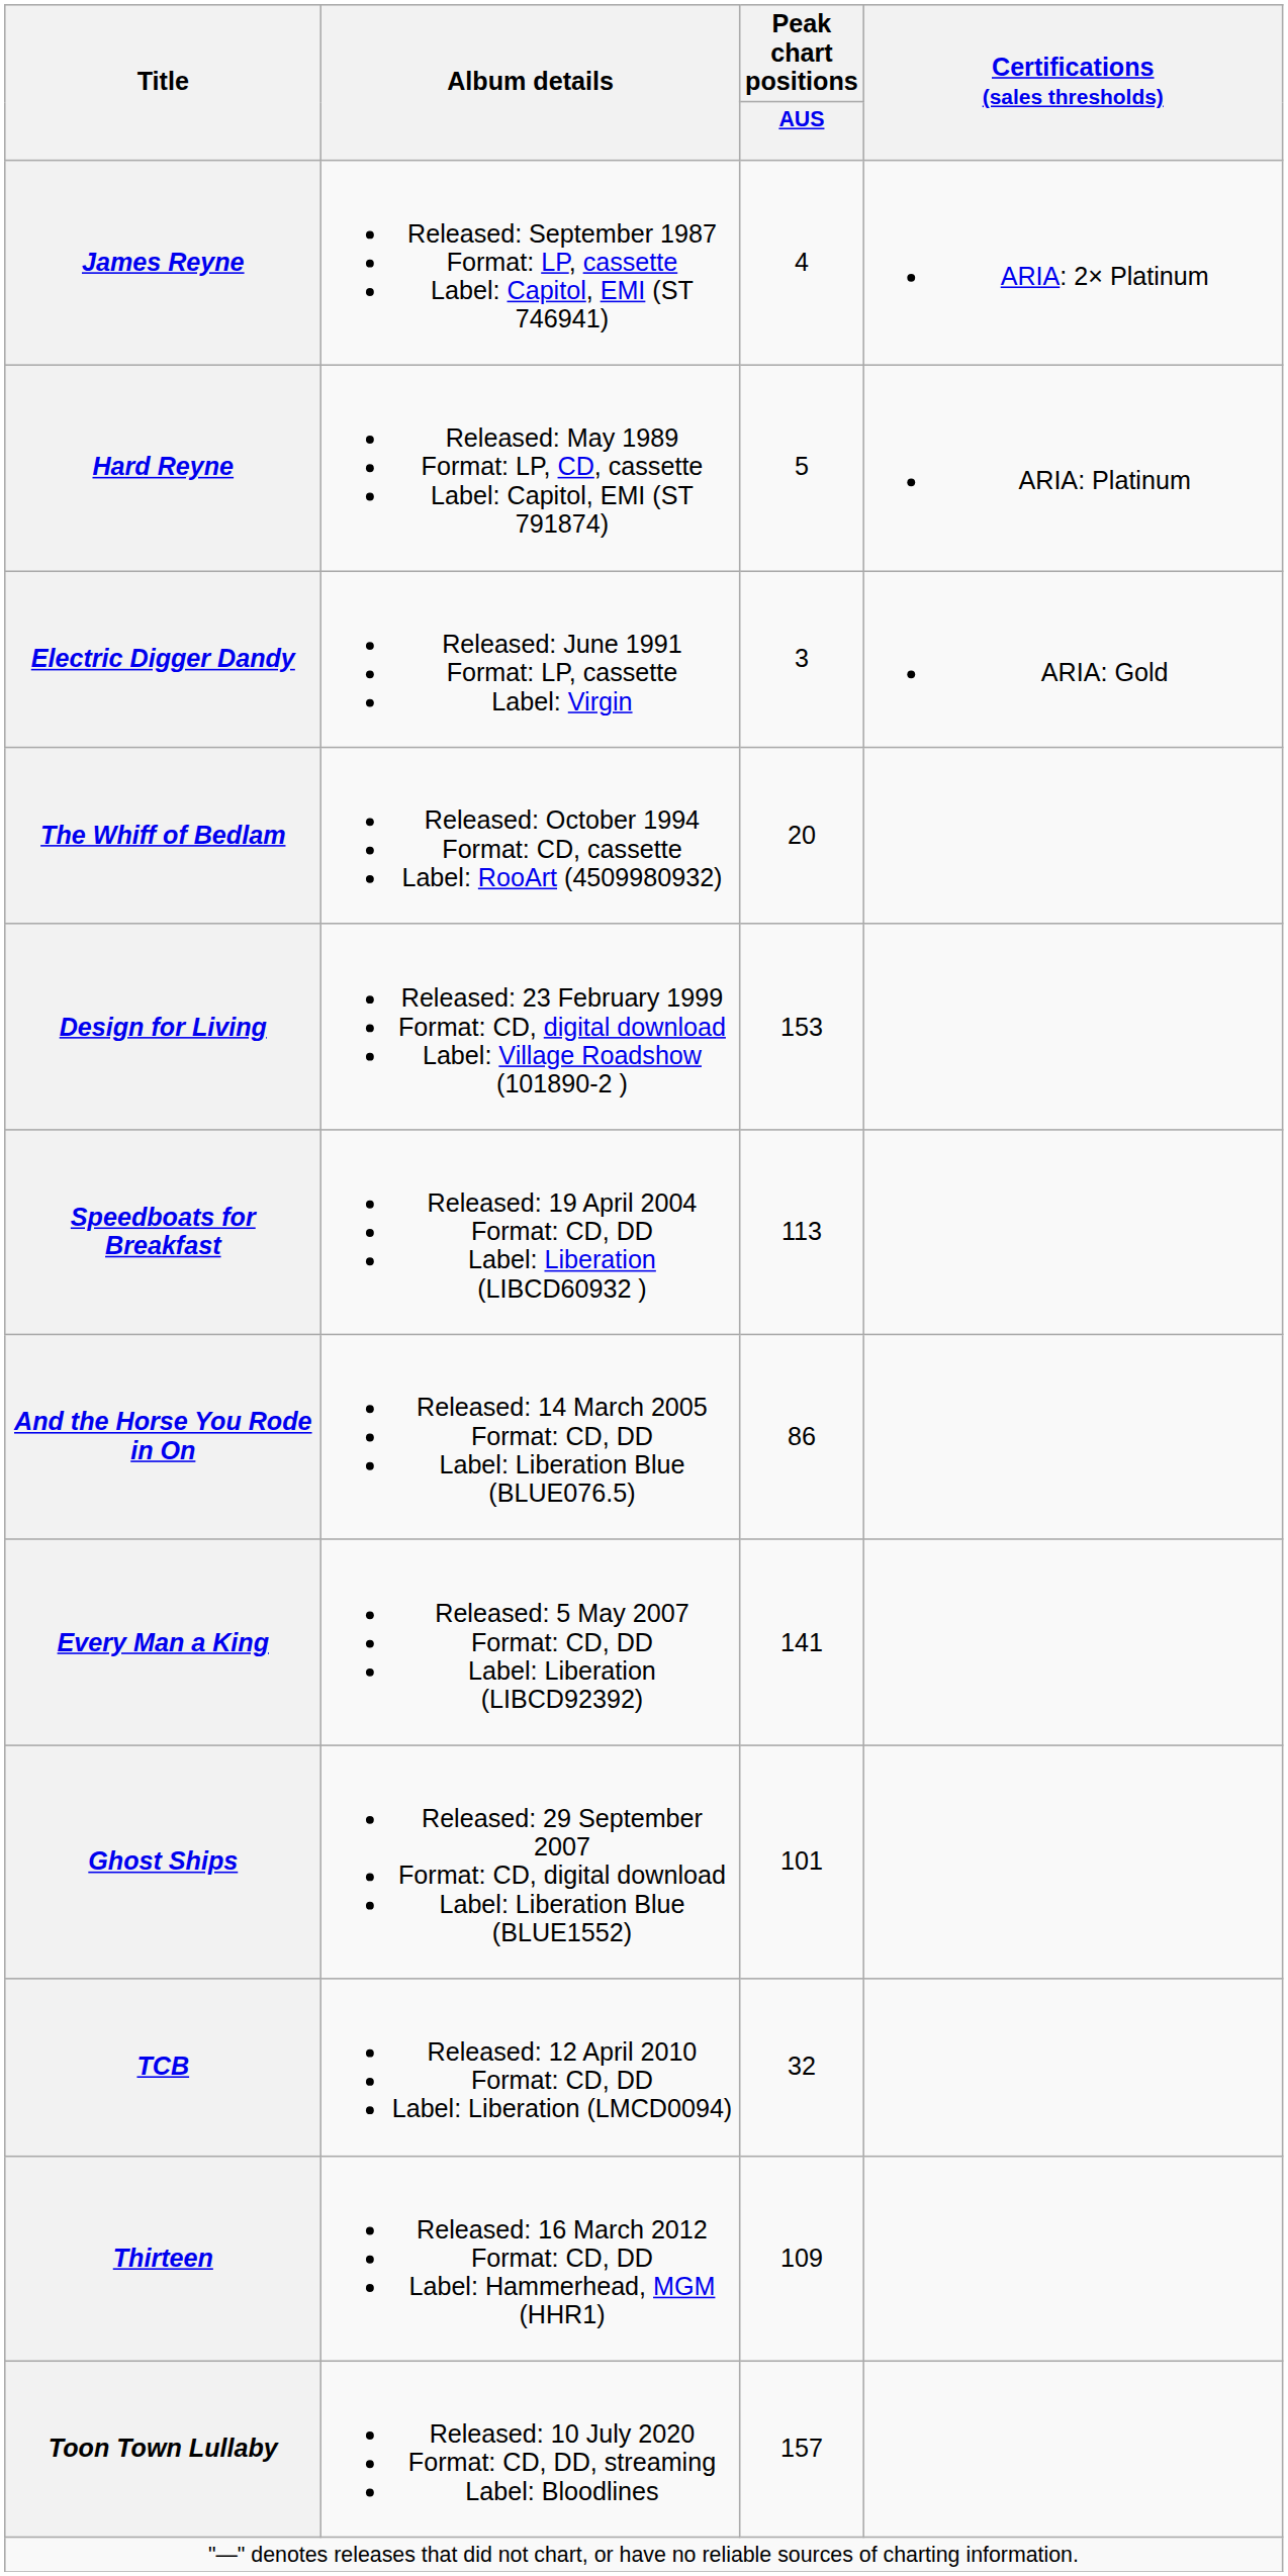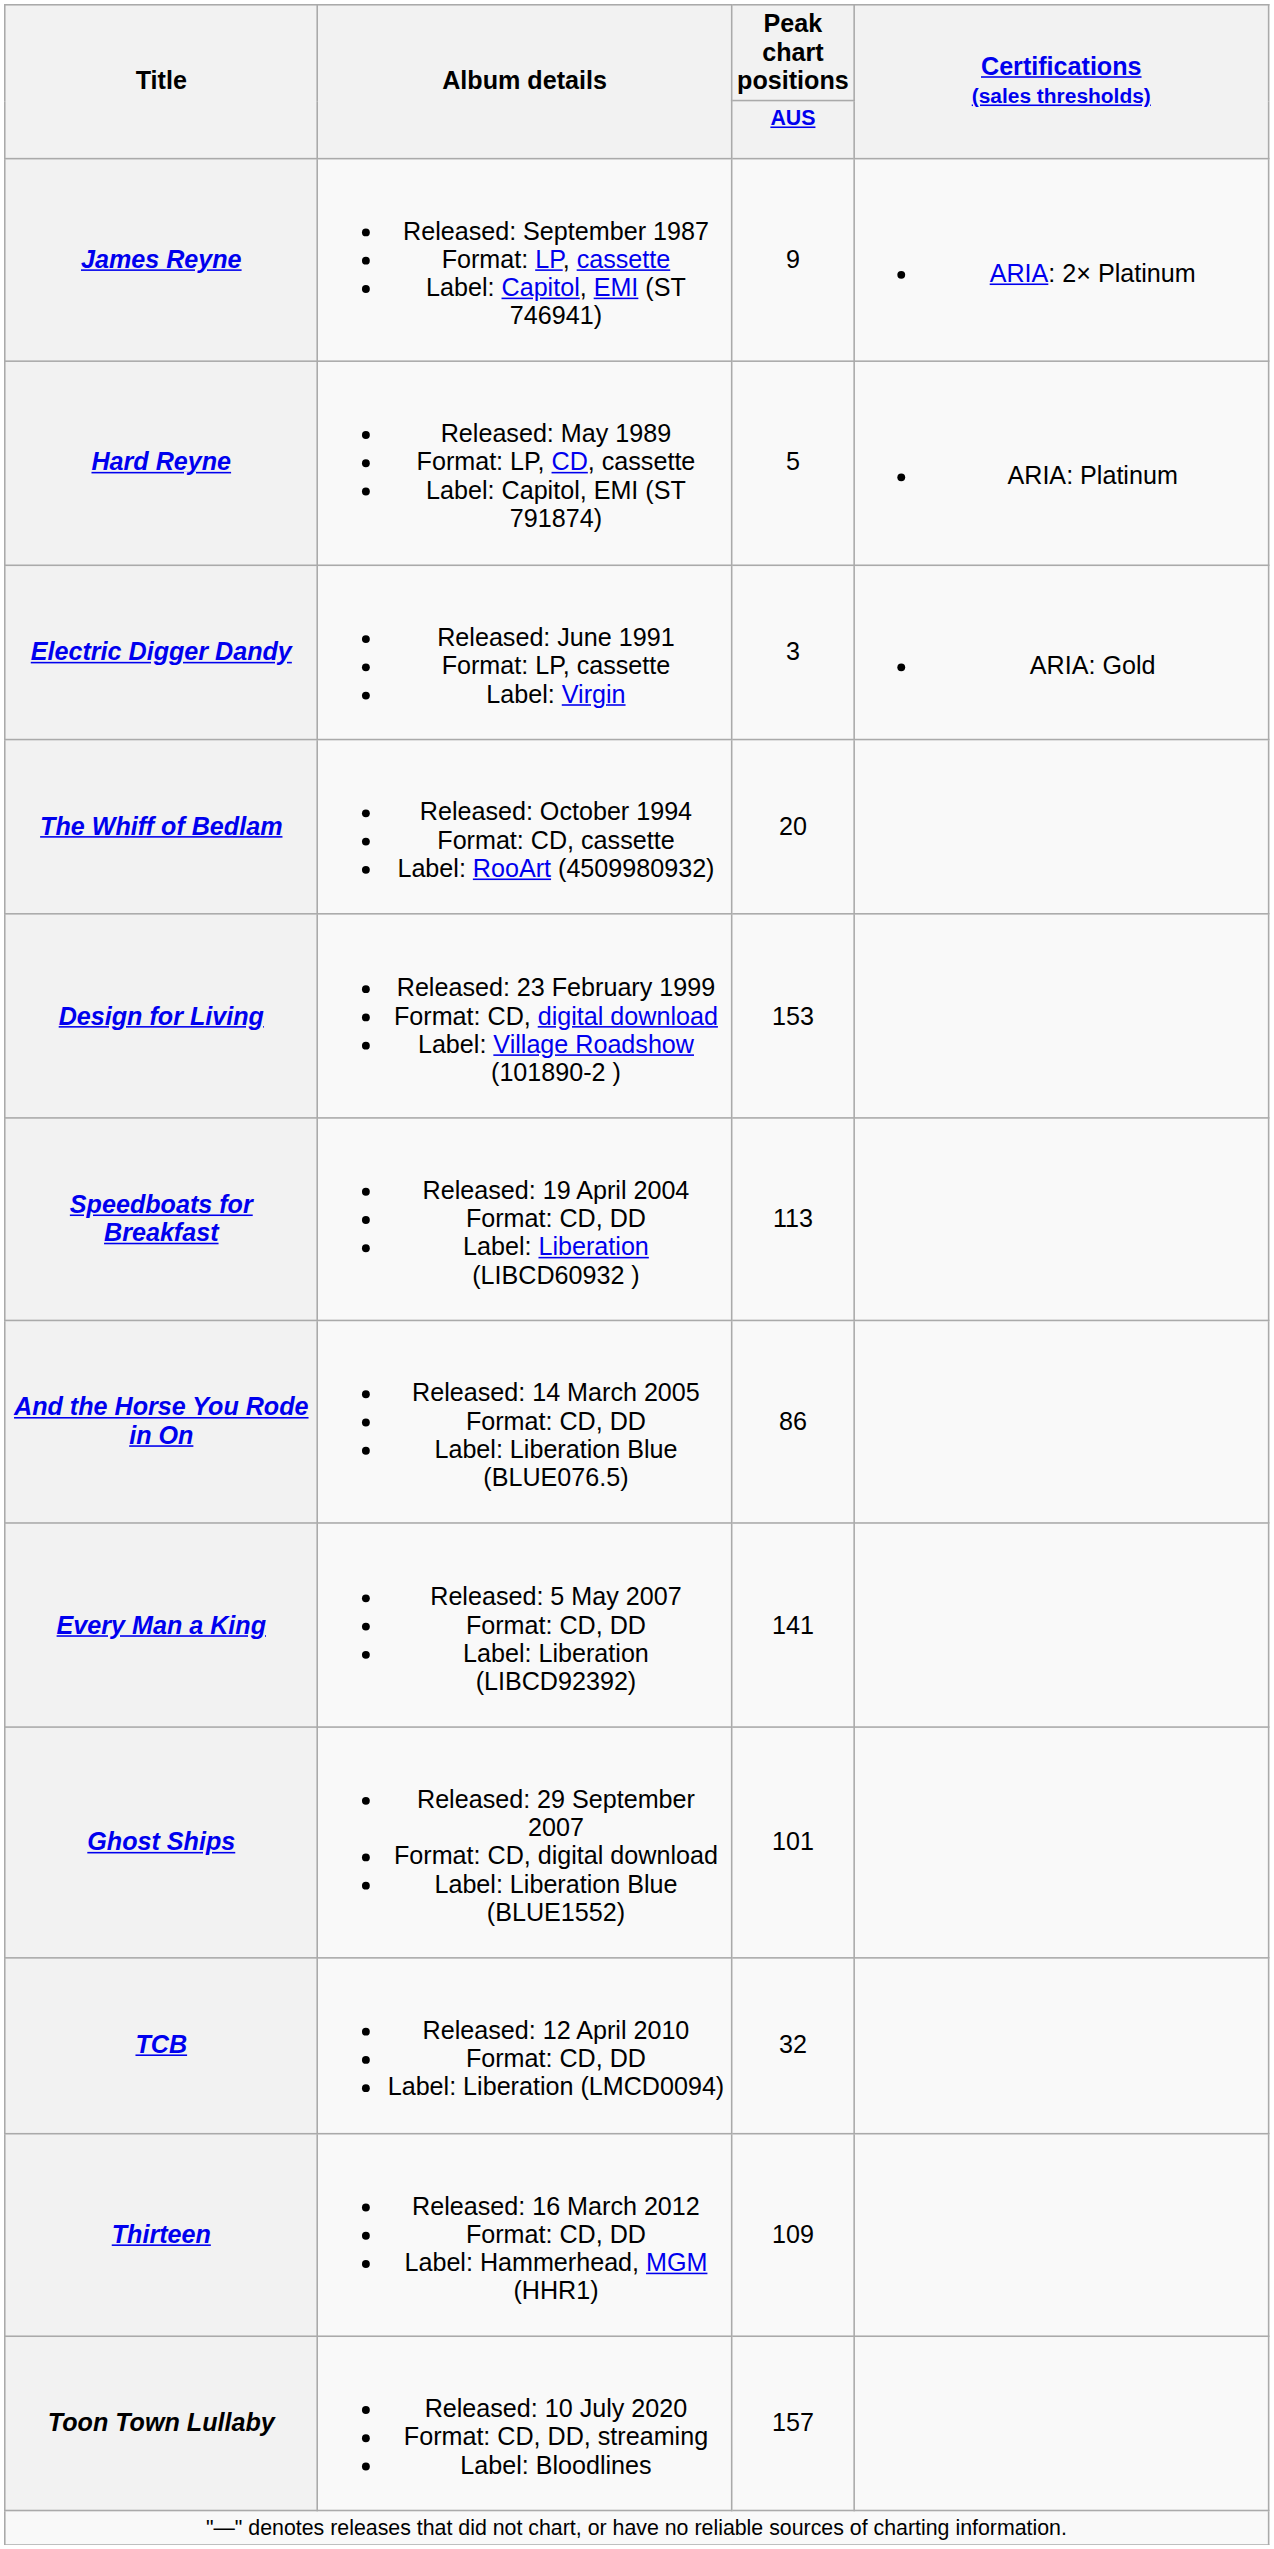 <table class="wikitable plainrowheaders" style="text-align:center;" border="1">
 <tr>
 <th scope="col" rowspan="2" style="width:12em;">Title</th>
 <th scope="col" rowspan="2" style="width:16em;">Album details</th>
 <th scope="col" colspan="1">Peak chart positions</th>
 <th scope="col" rowspan="2" style="width:16em;"><a href='#'>Certifications</a><br><small><a href='#'>(sales thresholds)</a></small></th>
 </tr>
 <tr>
 <th scope="col" style="width:3em; font-size:85%"><a href='#'>AUS</a><br><br>  </th>
 </tr>
 <tr>
 <th scope="row"><em><a href='#'>James Reyne</a></em></th>
 <td><br><ul><li>Released: September 1987</li><li>Format: <a href='#'>LP</a>, <a href='#'>cassette</a></li><li>Label: <a href='#'>Capitol</a>, <a href='#'>EMI</a> (ST 746941)</li></ul></td>
-<td>4</td>
+<td>9</td>
 <td><br><ul><li><a href='#'>ARIA</a>: 2× Platinum</li></ul></td>
 </tr>
 <tr>
 <th scope="row"><em><a href='#'>Hard Reyne</a></em></th>
 <td><br><ul><li>Released: May 1989</li><li>Format: LP, <a href='#'>CD</a>, cassette</li><li>Label: Capitol, EMI (ST 791874)</li></ul></td>
 <td>5</td>
 <td><br><ul><li>ARIA: Platinum</li></ul></td>
 </tr>
 <tr>
 <th scope="row"><em><a href='#'>Electric Digger Dandy</a></em></th>
 <td><br><ul><li>Released: June 1991</li><li>Format: LP, cassette</li><li>Label: <a href='#'>Virgin</a></li></ul></td>
 <td>3</td>
 <td><br><ul><li>ARIA: Gold</li></ul></td>
 </tr>
 <tr>
 <th scope="row"><em><a href='#'>The Whiff of Bedlam</a></em></th>
 <td><br><ul><li>Released: October 1994</li><li>Format: CD, cassette</li><li>Label: <a href='#'>RooArt</a> (4509980932)</li></ul></td>
 <td>20</td>
 <td></td>
 </tr>
 <tr>
 <th scope="row"><em><a href='#'>Design for Living</a></em></th>
 <td><br><ul><li>Released: 23 February 1999</li><li>Format: CD, <a href='#'>digital download</a></li><li>Label: <a href='#'>Village Roadshow</a> (101890-2 )</li></ul></td>
 <td>153</td>
 <td></td>
 </tr>
 <tr>
 <th scope="row"><em><a href='#'>Speedboats for Breakfast</a></em></th>
 <td><br><ul><li>Released: 19 April 2004</li><li>Format: CD, DD</li><li>Label: <a href='#'>Liberation</a> (LIBCD60932 )</li></ul></td>
 <td>113</td>
 <td></td>
 </tr>
 <tr>
 <th scope="row"><em><a href='#'>And the Horse You Rode in On</a></em></th>
 <td><br><ul><li>Released: 14 March 2005</li><li>Format: CD, DD</li><li>Label: Liberation Blue (BLUE076.5)</li></ul></td>
 <td>86</td>
 <td></td>
 </tr>
 <tr>
 <th scope="row"><em><a href='#'>Every Man a King</a></em></th>
 <td><br><ul><li>Released: 5 May 2007</li><li>Format: CD, DD</li><li>Label: Liberation (LIBCD92392)</li></ul></td>
 <td>141</td>
 <td></td>
 </tr>
 <tr>
 <th scope="row"><em><a href='#'>Ghost Ships</a></em></th>
 <td><br><ul><li>Released: 29 September 2007</li><li>Format: CD, digital download</li><li>Label: Liberation Blue (BLUE1552)</li></ul></td>
 <td>101</td>
 <td></td>
 </tr>
 <tr>
 <th scope="row"><em><a href='#'>TCB</a></em></th>
 <td><br><ul><li>Released: 12 April 2010</li><li>Format: CD, DD</li><li>Label: Liberation (LMCD0094)</li></ul></td>
 <td>32</td>
 <td></td>
 </tr>
 <tr>
 <th scope="row"><em><a href='#'>Thirteen</a></em></th>
 <td><br><ul><li>Released: 16 March 2012</li><li>Format: CD, DD</li><li>Label: Hammerhead, <a href='#'>MGM</a> (HHR1)</li></ul></td>
 <td>109</td>
 <td></td>
 </tr>
 <tr>
 <th scope="row"><em>Toon Town Lullaby</em></th>
 <td><br><ul><li>Released: 10 July 2020</li><li>Format: CD, DD, streaming</li><li>Label: Bloodlines</li></ul></td>
 <td>157</td>
 <td></td>
 </tr>
 <tr>
 <td colspan="5" style="font-size: 85%">"—" denotes releases that did not chart, or have no reliable sources of charting information.</td>
 </tr>
 </table>
